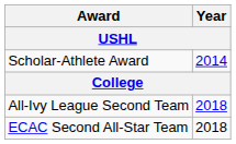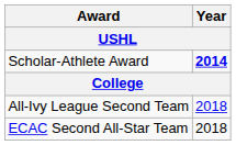 <table class="wikitable">
 <tr>
 <th>Award</th>
 <th>Year</th>
 </tr>
 <tr ALIGN="center" bgcolor="#e0e0e0">
 <th colspan="2"><a href='#'>USHL</a></th>
 </tr>
 <tr>
 <td>Scholar-Athlete Award</td>
-<td><a href='#'>2014</a></td>
+<td><strong><a href='#'>2014</a></strong></td>
 </tr>
 <tr ALIGN="center" bgcolor="#e0e0e0">
 <th colspan="2"><a href='#'>College</a></th>
 </tr>
 <tr>
 <td>All-Ivy League Second Team</td>
 <td><a href='#'>2018</a></td>
 </tr>
 <tr>
 <td><a href='#'>ECAC</a> Second All-Star Team</td>
 <td>2018</td>
 </tr>
 </table>
